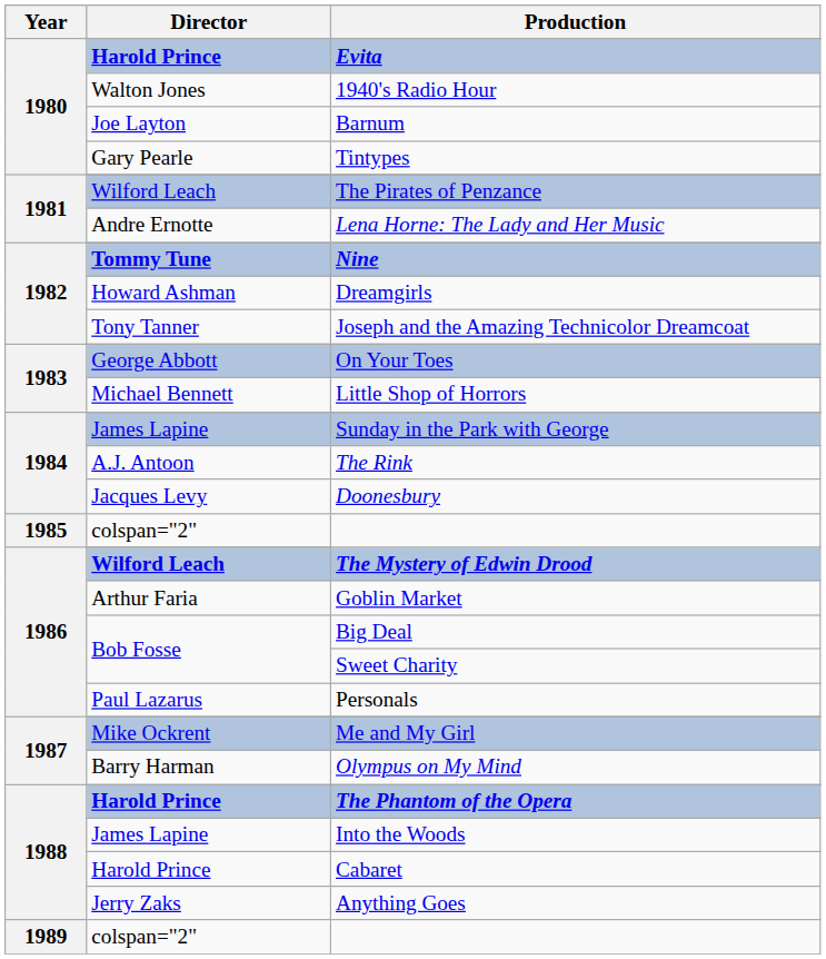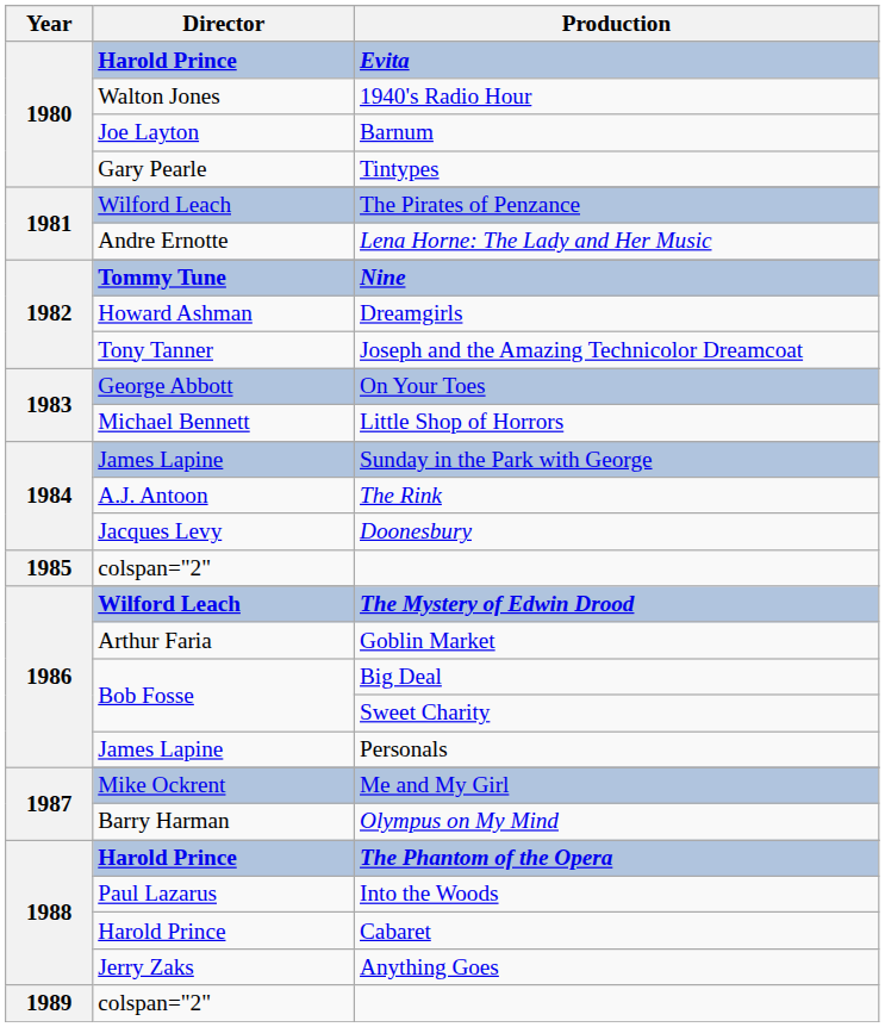 <table class="wikitable" style="width:98%;">
 <tr style="background:#bebebe;">
 <th style="width:10%;">Year</th>
 <th style="width:30%;">Director</th>
 <th style="width:60%;">Production</th>
 </tr>
 <tr>
 <th rowspan="5" align="center">1980</th>
 </tr>
 <tr style="background:#B0C4DE">
 <td><strong><a href='#'>Harold Prince</a></strong></td>
 <td><strong><em><a href='#'>Evita</a><em> <strong></td>
 </tr>
 <tr>
 <td>Walton Jones</td>
 <td></em><a href='#'>1940's Radio Hour</a><em></td>
 </tr>
 <tr>
 <td><a href='#'>Joe Layton</a></td>
 <td></em><a href='#'>Barnum</a><em></td>
 </tr>
 <tr>
 <td>Gary Pearle</td>
 <td></em><a href='#'>Tintypes</a><em></td>
 </tr>
 <tr>
 <th rowspan="3" align="center">1981</th>
 </tr>
 <tr style="background:#B0C4DE">
 <td></strong><a href='#'>Wilford Leach</a><strong></td>
 <td></em></strong><a href='#'>The Pirates of Penzance</a></em> </strong></td>
 </tr>
 <tr>
 <td>Andre Ernotte</td>
 <td><em><a href='#'>Lena Horne: The Lady and Her Music</a></em></td>
 </tr>
 <tr>
 <th rowspan="4" align="center">1982</th>
 </tr>
 <tr style="background:#B0C4DE">
 <td><strong><a href='#'>Tommy Tune</a></strong></td>
 <td><strong><em><a href='#'>Nine</a><em> <strong></td>
 </tr>
 <tr>
 <td><a href='#'>Howard Ashman</a></td>
 <td></em><a href='#'>Dreamgirls</a><em></td>
 </tr>
 <tr>
 <td><a href='#'>Tony Tanner</a></td>
 <td></em><a href='#'>Joseph and the Amazing Technicolor Dreamcoat</a><em></td>
 </tr>
 <tr>
 <th rowspan="3" align="center">1983</th>
 </tr>
 <tr style="background:#B0C4DE">
 <td></strong><a href='#'>George Abbott</a><strong></td>
 <td></em></strong><a href='#'>On Your Toes</a><strong><em></td>
 </tr>
 <tr>
 <td><a href='#'>Michael Bennett</a></td>
 <td></em><a href='#'>Little Shop of Horrors</a><em></td>
 </tr>
 <tr>
 <th rowspan="4" align="center">1984</th>
 </tr>
 <tr style="background:#B0C4DE">
 <td></strong><a href='#'>James Lapine</a><strong></td>
 <td></em></strong><a href='#'>Sunday in the Park with George</a></em> </strong></td>
 </tr>
 <tr>
 <td><a href='#'>A.J. Antoon</a></td>
 <td><em><a href='#'>The Rink</a></em></td>
 </tr>
 <tr>
 <td><a href='#'>Jacques Levy</a></td>
 <td><em><a href='#'>Doonesbury</a></em></td>
 </tr>
 <tr>
 <th align="center">1985</th>
 <td>colspan="2" </td>
 </tr>
 <tr>
 <th rowspan="6" align="center">1986</th>
 </tr>
 <tr style="background:#B0C4DE">
 <td><strong><a href='#'>Wilford Leach</a></strong></td>
 <td><strong><em><a href='#'>The Mystery of Edwin Drood</a><em> <strong></td>
 </tr>
 <tr>
 <td>Arthur Faria</td>
 <td></em><a href='#'>Goblin Market</a><em></td>
 </tr>
 <tr>
 <td rowspan="2"><a href='#'>Bob Fosse</a></td>
 <td></em><a href='#'>Big Deal</a><em></td>
 </tr>
 <tr>
 <td></em><a href='#'>Sweet Charity</a><em></td>
 </tr>
 <tr>
-<td><a href='#'>Paul Lazarus</a></td>
+<td><a href='#'>James Lapine</a></td>
 <td></em>Personals<em></td>
 </tr>
 <tr>
 <th rowspan="3" align="center">1987</th>
 </tr>
 <tr style="background:#B0C4DE">
 <td></strong><a href='#'>Mike Ockrent</a><strong></td>
 <td></em></strong><a href='#'>Me and My Girl</a></em> </strong></td>
 </tr>
 <tr>
 <td>Barry Harman</td>
 <td><em><a href='#'>Olympus on My Mind</a></em></td>
 </tr>
 <tr>
 <th rowspan="5" align="center">1988</th>
 </tr>
 <tr style="background:#B0C4DE">
 <td><strong><a href='#'>Harold Prince</a></strong></td>
 <td><strong><em><a href='#'>The Phantom of the Opera</a><em> <strong></td>
 </tr>
 <tr>
-<td><a href='#'>James Lapine</a></td>
+<td><a href='#'>Paul Lazarus</a></td>
 <td></em><a href='#'>Into the Woods</a><em></td>
 </tr>
 <tr>
 <td><a href='#'>Harold Prince</a></td>
 <td></em><a href='#'>Cabaret</a><em></td>
 </tr>
 <tr>
 <td><a href='#'>Jerry Zaks</a></td>
 <td></em><a href='#'>Anything Goes</a><em></td>
 </tr>
 <tr>
 <th align="center">1989</th>
 <td>colspan="2" </td>
 </tr>
 </table>
